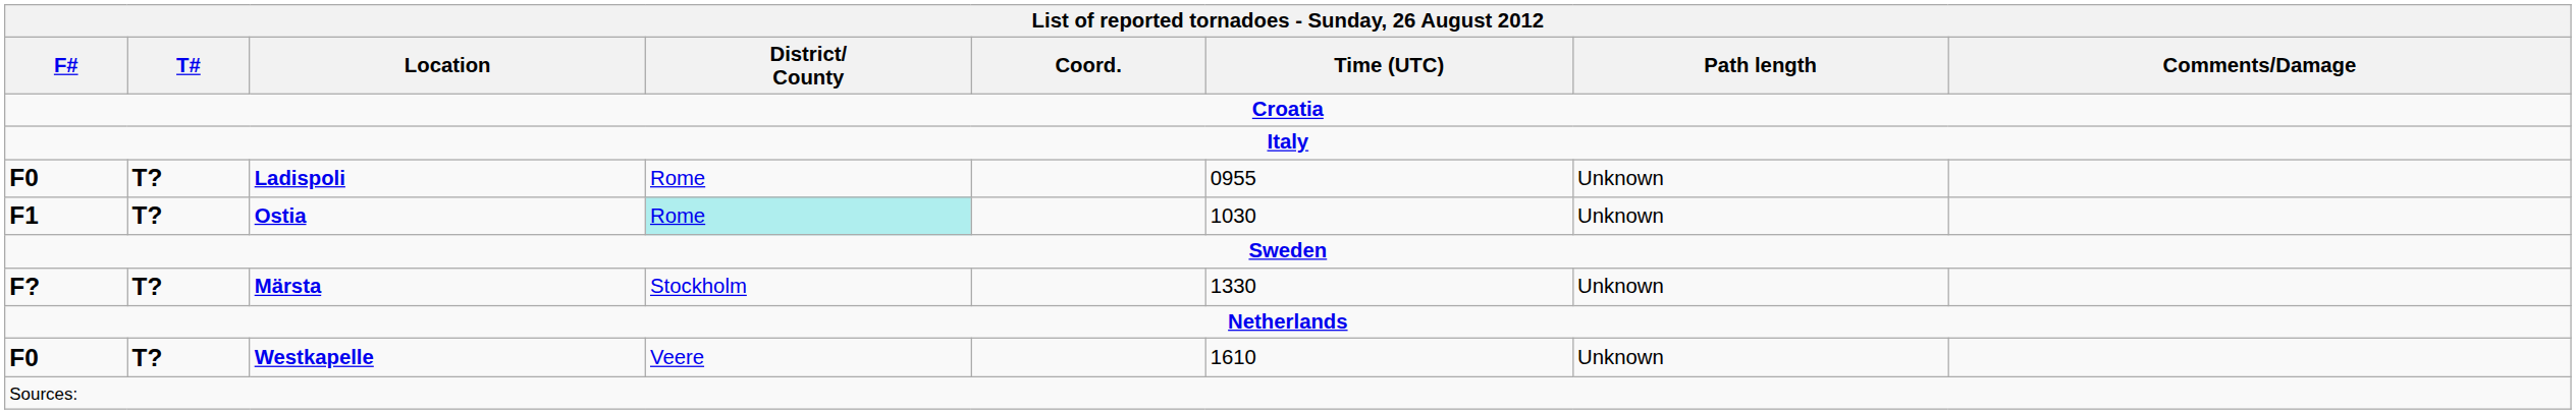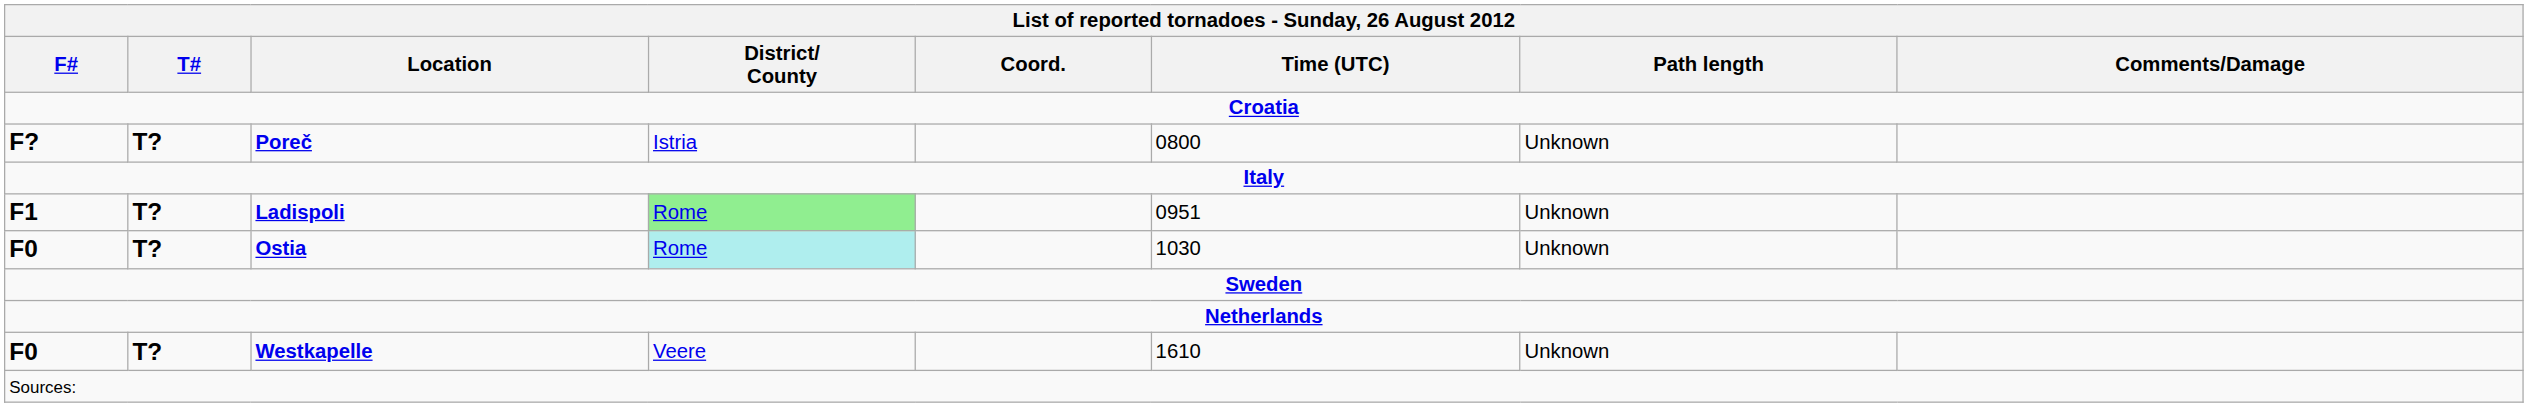 <table class="wikitable collapsible" width="100%">
 <tr>
 <th colspan="8">List of reported tornadoes - Sunday, 26 August 2012</th>
 </tr>
 <tr>
 <th><a href='#'>F#</a></th>
 <th><a href='#'>T#</a></th>
 <th>Location</th>
 <th>District/<br>County</th>
 <th>Coord.</th>
 <th>Time (UTC)</th>
 <th>Path length</th>
 <th>Comments/Damage</th>
 </tr>
 <tr>
 <td colspan="8" align=center><strong><a href='#'>Croatia</a></strong></td>
 </tr>
 <tr>
-<td colspan="8" align=center><strong><a href='#'>Italy</a></strong></td>
-</tr>
-<tr>
-<td><big><strong>F0</strong></big></td>
+<td><big><strong>F?</strong></big></td>
 <td><big><strong>T?</strong></big></td>
-<td><strong><a href='#'>Ladispoli</a></strong></td>
-<td><a href='#'>Rome</a></td>
+<td><strong><a href='#'>Poreč</a></strong></td>
+<td><a href='#'>Istria</a></td>
 <td></td>
-<td>0955</td>
+<td>0800</td>
 <td>Unknown</td>
 <td></td>
 </tr>
 <tr>
+<td colspan="8" align=center><strong><a href='#'>Italy</a></strong></td>
+</tr>
+<tr>
 <td><big><strong>F1</strong></big></td>
+<td><big><strong>T?</strong></big></td>
+<td><strong><a href='#'>Ladispoli</a></strong></td>
+<td style="background: lightgreen;"><a href='#'>Rome</a></td>
+<td></td>
+<td>0951</td>
+<td>Unknown</td>
+<td></td>
+</tr>
+<tr>
+<td><big><strong>F0</strong></big></td>
 <td><big><strong>T?</strong></big></td>
 <td><strong><a href='#'>Ostia</a></strong></td>
 <td style="background: paleturquoise;"><a href='#'>Rome</a></td>
 <td></td>
 <td>1030</td>
 <td>Unknown</td>
 <td></td>
 </tr>
 <tr>
 <td colspan="8" align=center><strong><a href='#'>Sweden</a></strong></td>
-</tr>
-<tr>
-<td><big><strong>F?</strong></big></td>
-<td><big><strong>T?</strong></big></td>
-<td><strong><a href='#'>Märsta</a></strong></td>
-<td><a href='#'>Stockholm</a></td>
-<td></td>
-<td>1330</td>
-<td>Unknown</td>
-<td></td>
 </tr>
 <tr>
 <td colspan="8" align=center><strong><a href='#'>Netherlands</a></strong></td>
 </tr>
 <tr>
 <td><big><strong>F0</strong></big></td>
 <td><big><strong>T?</strong></big></td>
 <td><strong><a href='#'>Westkapelle</a></strong></td>
 <td><a href='#'>Veere</a></td>
 <td></td>
 <td>1610</td>
 <td>Unknown</td>
 <td></td>
 </tr>
 <tr>
 <td colspan="8"><small>Sources:  </small></td>
 </tr>
 </table>
